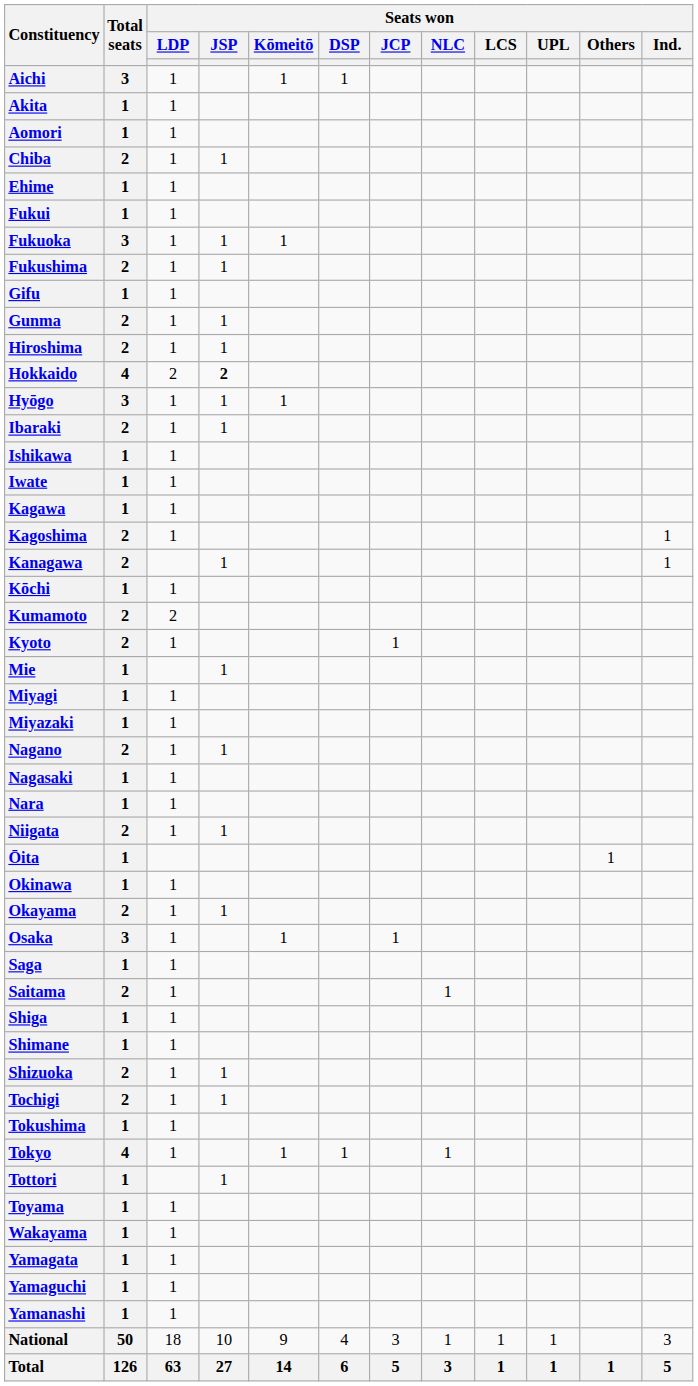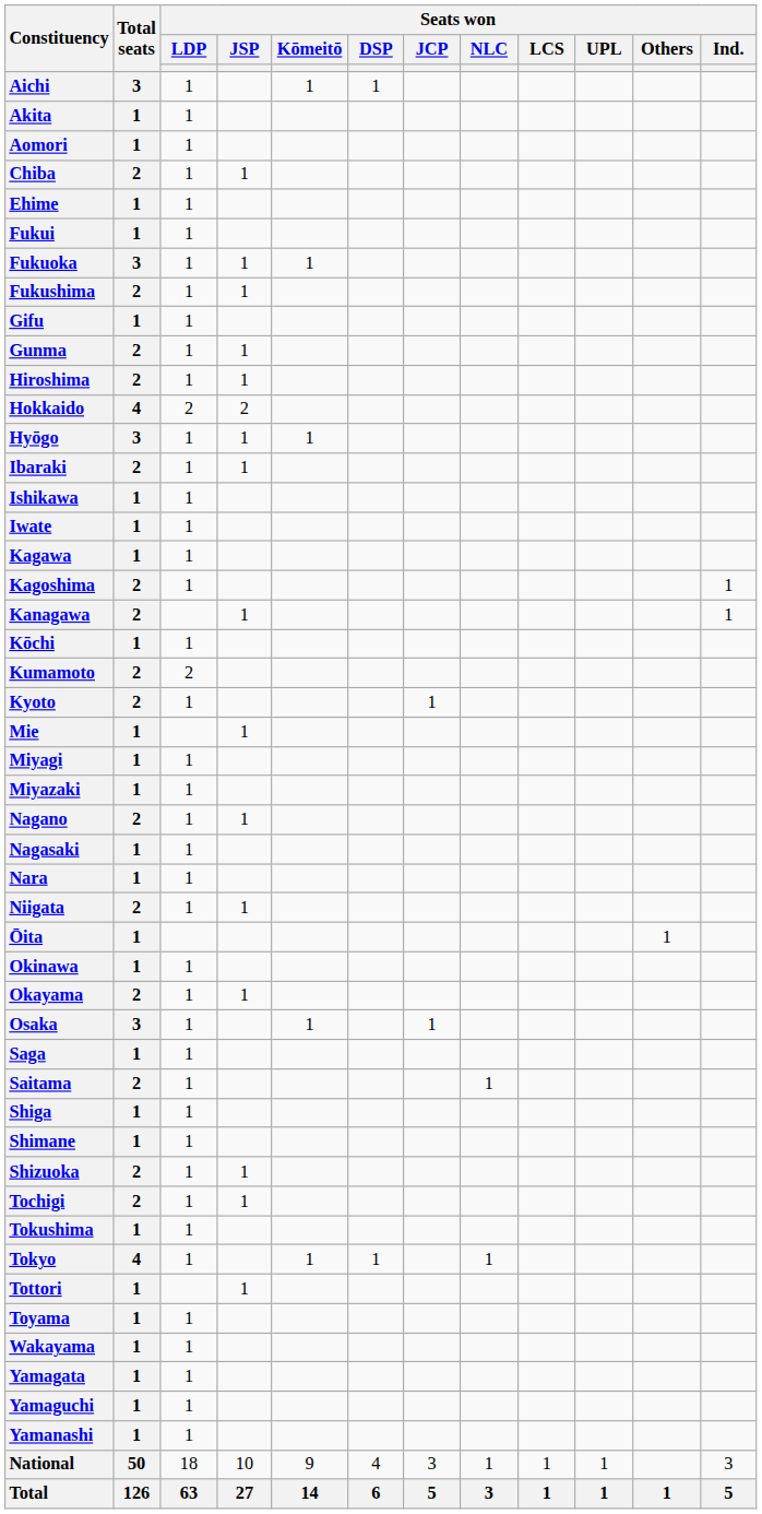 <table class="wikitable" style="text-align:center; font-size: 0.9em;">
 <tr>
 <th rowspan="3">Constituency</th>
 <th rowspan="3">Total<br>seats</th>
 <th colspan="10">Seats won</th>
 </tr>
 <tr>
 <th class="unsortable" style="width:60px;"><a href='#'>LDP</a></th>
 <th class="unsortable" style="width:60px;"><a href='#'>JSP</a></th>
 <th class="unsortable" style="width:60px;"><a href='#'>Kōmeitō</a></th>
 <th class="unsortable" style="width:60px;"><a href='#'>DSP</a></th>
 <th class="unsortable" style="width:60px;"><a href='#'>JCP</a></th>
 <th class="unsortable" style="width:60px;"><a href='#'>NLC</a></th>
 <th class="unsortable" style="width:60px;">LCS</th>
 <th class="unsortable" style="width:60px;">UPL</th>
 <th class="unsortable" style="width:60px;">Others</th>
 <th class="unsortable" style="width:60px;">Ind.</th>
 </tr>
 <tr>
 <th style="background:"></th>
 <th style="background:"></th>
 <th style="background:"></th>
 <th style="background:"></th>
 <th style="background:"></th>
 <th style="background:"></th>
 <th></th>
 <th></th>
 <th></th>
 <th style="background:"></th>
 </tr>
 <tr>
 <th style="text-align: left;"><a href='#'>Aichi</a></th>
 <th>3</th>
 <td>1</td>
 <td></td>
 <td>1</td>
 <td>1</td>
 <td></td>
 <td></td>
 <td></td>
 <td></td>
 <td></td>
 <td></td>
 </tr>
 <tr>
 <th style="text-align: left;"><a href='#'>Akita</a></th>
 <th>1</th>
 <td>1</td>
 <td></td>
 <td></td>
 <td></td>
 <td></td>
 <td></td>
 <td></td>
 <td></td>
 <td></td>
 <td></td>
 </tr>
 <tr>
 <th style="text-align: left;"><a href='#'>Aomori</a></th>
 <th>1</th>
 <td>1</td>
 <td></td>
 <td></td>
 <td></td>
 <td></td>
 <td></td>
 <td></td>
 <td></td>
 <td></td>
 <td></td>
 </tr>
 <tr>
 <th style="text-align: left;"><a href='#'>Chiba</a></th>
 <th>2</th>
 <td>1</td>
 <td>1</td>
 <td></td>
 <td></td>
 <td></td>
 <td></td>
 <td></td>
 <td></td>
 <td></td>
 <td></td>
 </tr>
 <tr>
 <th style="text-align: left;"><a href='#'>Ehime</a></th>
 <th>1</th>
 <td>1</td>
 <td></td>
 <td></td>
 <td></td>
 <td></td>
 <td></td>
 <td></td>
 <td></td>
 <td></td>
 <td></td>
 </tr>
 <tr>
 <th style="text-align: left;"><a href='#'>Fukui</a></th>
 <th>1</th>
 <td>1</td>
 <td></td>
 <td></td>
 <td></td>
 <td></td>
 <td></td>
 <td></td>
 <td></td>
 <td></td>
 <td></td>
 </tr>
 <tr>
 <th style="text-align: left;"><a href='#'>Fukuoka</a></th>
 <th>3</th>
 <td>1</td>
 <td>1</td>
 <td>1</td>
 <td></td>
 <td></td>
 <td></td>
 <td></td>
 <td></td>
 <td></td>
 <td></td>
 </tr>
 <tr>
 <th style="text-align: left;"><a href='#'>Fukushima</a></th>
 <th>2</th>
 <td>1</td>
 <td>1</td>
 <td></td>
 <td></td>
 <td></td>
 <td></td>
 <td></td>
 <td></td>
 <td></td>
 <td></td>
 </tr>
 <tr>
 <th style="text-align: left;"><a href='#'>Gifu</a></th>
 <th>1</th>
 <td>1</td>
 <td></td>
 <td></td>
 <td></td>
 <td></td>
 <td></td>
 <td></td>
 <td></td>
 <td></td>
 <td></td>
 </tr>
 <tr>
 <th style="text-align: left;"><a href='#'>Gunma</a></th>
 <th>2</th>
 <td>1</td>
 <td>1</td>
 <td></td>
 <td></td>
 <td></td>
 <td></td>
 <td></td>
 <td></td>
 <td></td>
 <td></td>
 </tr>
 <tr>
 <th style="text-align: left;"><a href='#'>Hiroshima</a></th>
 <th>2</th>
 <td>1</td>
 <td>1</td>
 <td></td>
 <td></td>
 <td></td>
 <td></td>
 <td></td>
 <td></td>
 <td></td>
 <td></td>
 </tr>
 <tr>
 <th style="text-align: left;"><a href='#'>Hokkaido</a></th>
 <th>4</th>
 <td>2</td>
-<td><strong>2</strong></td>
+<td>2</td>
 <td></td>
 <td></td>
 <td></td>
 <td></td>
 <td></td>
 <td></td>
 <td></td>
 <td></td>
 </tr>
 <tr>
 <th style="text-align: left;"><a href='#'>Hyōgo</a></th>
 <th>3</th>
 <td>1</td>
 <td>1</td>
 <td>1</td>
 <td></td>
 <td></td>
 <td></td>
 <td></td>
 <td></td>
 <td></td>
 <td></td>
 </tr>
 <tr>
 <th style="text-align: left;"><a href='#'>Ibaraki</a></th>
 <th>2</th>
 <td>1</td>
 <td>1</td>
 <td></td>
 <td></td>
 <td></td>
 <td></td>
 <td></td>
 <td></td>
 <td></td>
 <td></td>
 </tr>
 <tr>
 <th style="text-align: left;"><a href='#'>Ishikawa</a></th>
 <th>1</th>
 <td>1</td>
 <td></td>
 <td></td>
 <td></td>
 <td></td>
 <td></td>
 <td></td>
 <td></td>
 <td></td>
 <td></td>
 </tr>
 <tr>
 <th style="text-align: left;"><a href='#'>Iwate</a></th>
 <th>1</th>
 <td>1</td>
 <td></td>
 <td></td>
 <td></td>
 <td></td>
 <td></td>
 <td></td>
 <td></td>
 <td></td>
 <td></td>
 </tr>
 <tr>
 <th style="text-align: left;"><a href='#'>Kagawa</a></th>
 <th>1</th>
 <td>1</td>
 <td></td>
 <td></td>
 <td></td>
 <td></td>
 <td></td>
 <td></td>
 <td></td>
 <td></td>
 <td></td>
 </tr>
 <tr>
 <th style="text-align: left;"><a href='#'>Kagoshima</a></th>
 <th>2</th>
 <td>1</td>
 <td></td>
 <td></td>
 <td></td>
 <td></td>
 <td></td>
 <td></td>
 <td></td>
 <td></td>
 <td>1</td>
 </tr>
 <tr>
 <th style="text-align: left;"><a href='#'>Kanagawa</a></th>
 <th>2</th>
 <td></td>
 <td>1</td>
 <td></td>
 <td></td>
 <td></td>
 <td></td>
 <td></td>
 <td></td>
 <td></td>
 <td>1</td>
 </tr>
 <tr>
 <th style="text-align: left;"><a href='#'>Kōchi</a></th>
 <th>1</th>
 <td>1</td>
 <td></td>
 <td></td>
 <td></td>
 <td></td>
 <td></td>
 <td></td>
 <td></td>
 <td></td>
 <td></td>
 </tr>
 <tr>
 <th style="text-align: left;"><a href='#'>Kumamoto</a></th>
 <th>2</th>
 <td>2</td>
 <td></td>
 <td></td>
 <td></td>
 <td></td>
 <td></td>
 <td></td>
 <td></td>
 <td></td>
 <td></td>
 </tr>
 <tr>
 <th style="text-align: left;"><a href='#'>Kyoto</a></th>
 <th>2</th>
 <td>1</td>
 <td></td>
 <td></td>
 <td></td>
 <td>1</td>
 <td></td>
 <td></td>
 <td></td>
 <td></td>
 <td></td>
 </tr>
 <tr>
 <th style="text-align: left;"><a href='#'>Mie</a></th>
 <th>1</th>
 <td></td>
 <td>1</td>
 <td></td>
 <td></td>
 <td></td>
 <td></td>
 <td></td>
 <td></td>
 <td></td>
 <td></td>
 </tr>
 <tr>
 <th style="text-align: left;"><a href='#'>Miyagi</a></th>
 <th>1</th>
 <td>1</td>
 <td></td>
 <td></td>
 <td></td>
 <td></td>
 <td></td>
 <td></td>
 <td></td>
 <td></td>
 <td></td>
 </tr>
 <tr>
 <th style="text-align: left;"><a href='#'>Miyazaki</a></th>
 <th>1</th>
 <td>1</td>
 <td></td>
 <td></td>
 <td></td>
 <td></td>
 <td></td>
 <td></td>
 <td></td>
 <td></td>
 <td></td>
 </tr>
 <tr>
 <th style="text-align: left;"><a href='#'>Nagano</a></th>
 <th>2</th>
 <td>1</td>
 <td>1</td>
 <td></td>
 <td></td>
 <td></td>
 <td></td>
 <td></td>
 <td></td>
 <td></td>
 <td></td>
 </tr>
 <tr>
 <th style="text-align: left;"><a href='#'>Nagasaki</a></th>
 <th>1</th>
 <td>1</td>
 <td></td>
 <td></td>
 <td></td>
 <td></td>
 <td></td>
 <td></td>
 <td></td>
 <td></td>
 <td></td>
 </tr>
 <tr>
 <th style="text-align: left;"><a href='#'>Nara</a></th>
 <th>1</th>
 <td>1</td>
 <td></td>
 <td></td>
 <td></td>
 <td></td>
 <td></td>
 <td></td>
 <td></td>
 <td></td>
 <td></td>
 </tr>
 <tr>
 <th style="text-align: left;"><a href='#'>Niigata</a></th>
 <th>2</th>
 <td>1</td>
 <td>1</td>
 <td></td>
 <td></td>
 <td></td>
 <td></td>
 <td></td>
 <td></td>
 <td></td>
 <td></td>
 </tr>
 <tr>
 <th style="text-align: left;"><a href='#'>Ōita</a></th>
 <th>1</th>
 <td></td>
 <td></td>
 <td></td>
 <td></td>
 <td></td>
 <td></td>
 <td></td>
 <td></td>
 <td>1</td>
 <td></td>
 </tr>
 <tr>
 <th style="text-align: left;"><a href='#'>Okinawa</a></th>
 <th>1</th>
 <td>1</td>
 <td></td>
 <td></td>
 <td></td>
 <td></td>
 <td></td>
 <td></td>
 <td></td>
 <td></td>
 <td></td>
 </tr>
 <tr>
 <th style="text-align: left;"><a href='#'>Okayama</a></th>
 <th>2</th>
 <td>1</td>
 <td>1</td>
 <td></td>
 <td></td>
 <td></td>
 <td></td>
 <td></td>
 <td></td>
 <td></td>
 <td></td>
 </tr>
 <tr>
 <th style="text-align: left;"><a href='#'>Osaka</a></th>
 <th>3</th>
 <td>1</td>
 <td></td>
 <td>1</td>
 <td></td>
 <td>1</td>
 <td></td>
 <td></td>
 <td></td>
 <td></td>
 <td></td>
 </tr>
 <tr>
 <th style="text-align: left;"><a href='#'>Saga</a></th>
 <th>1</th>
 <td>1</td>
 <td></td>
 <td></td>
 <td></td>
 <td></td>
 <td></td>
 <td></td>
 <td></td>
 <td></td>
 <td></td>
 </tr>
 <tr>
 <th style="text-align: left;"><a href='#'>Saitama</a></th>
 <th>2</th>
 <td>1</td>
 <td></td>
 <td></td>
 <td></td>
 <td></td>
 <td>1</td>
 <td></td>
 <td></td>
 <td></td>
 <td></td>
 </tr>
 <tr>
 <th style="text-align: left;"><a href='#'>Shiga</a></th>
 <th>1</th>
 <td>1</td>
 <td></td>
 <td></td>
 <td></td>
 <td></td>
 <td></td>
 <td></td>
 <td></td>
 <td></td>
 <td></td>
 </tr>
 <tr>
 <th style="text-align: left;"><a href='#'>Shimane</a></th>
 <th>1</th>
 <td>1</td>
 <td></td>
 <td></td>
 <td></td>
 <td></td>
 <td></td>
 <td></td>
 <td></td>
 <td></td>
 <td></td>
 </tr>
 <tr>
 <th style="text-align: left;"><a href='#'>Shizuoka</a></th>
 <th>2</th>
 <td>1</td>
 <td>1</td>
 <td></td>
 <td></td>
 <td></td>
 <td></td>
 <td></td>
 <td></td>
 <td></td>
 <td></td>
 </tr>
 <tr>
 <th style="text-align: left;"><a href='#'>Tochigi</a></th>
 <th>2</th>
 <td>1</td>
 <td>1</td>
 <td></td>
 <td></td>
 <td></td>
 <td></td>
 <td></td>
 <td></td>
 <td></td>
 <td></td>
 </tr>
 <tr>
 <th style="text-align: left;"><a href='#'>Tokushima</a></th>
 <th>1</th>
 <td>1</td>
 <td></td>
 <td></td>
 <td></td>
 <td></td>
 <td></td>
 <td></td>
 <td></td>
 <td></td>
 <td></td>
 </tr>
 <tr>
 <th style="text-align: left;"><a href='#'>Tokyo</a></th>
 <th>4</th>
 <td>1</td>
 <td></td>
 <td>1</td>
 <td>1</td>
 <td></td>
 <td>1</td>
 <td></td>
 <td></td>
 <td></td>
 <td></td>
 </tr>
 <tr>
 <th style="text-align: left;"><a href='#'>Tottori</a></th>
 <th>1</th>
 <td></td>
 <td>1</td>
 <td></td>
 <td></td>
 <td></td>
 <td></td>
 <td></td>
 <td></td>
 <td></td>
 <td></td>
 </tr>
 <tr>
 <th style="text-align: left;"><a href='#'>Toyama</a></th>
 <th>1</th>
 <td>1</td>
 <td></td>
 <td></td>
 <td></td>
 <td></td>
 <td></td>
 <td></td>
 <td></td>
 <td></td>
 <td></td>
 </tr>
 <tr>
 <th style="text-align: left;"><a href='#'>Wakayama</a></th>
 <th>1</th>
 <td>1</td>
 <td></td>
 <td></td>
 <td></td>
 <td></td>
 <td></td>
 <td></td>
 <td></td>
 <td></td>
 <td></td>
 </tr>
 <tr>
 <th style="text-align: left;"><a href='#'>Yamagata</a></th>
 <th>1</th>
 <td>1</td>
 <td></td>
 <td></td>
 <td></td>
 <td></td>
 <td></td>
 <td></td>
 <td></td>
 <td></td>
 <td></td>
 </tr>
 <tr>
 <th style="text-align: left;"><a href='#'>Yamaguchi</a></th>
 <th>1</th>
 <td>1</td>
 <td></td>
 <td></td>
 <td></td>
 <td></td>
 <td></td>
 <td></td>
 <td></td>
 <td></td>
 <td></td>
 </tr>
 <tr>
 <th style="text-align: left;"><a href='#'>Yamanashi</a></th>
 <th>1</th>
 <td>1</td>
 <td></td>
 <td></td>
 <td></td>
 <td></td>
 <td></td>
 <td></td>
 <td></td>
 <td></td>
 <td></td>
 </tr>
 <tr>
 <th style="text-align: left;">National</th>
 <th>50</th>
 <td>18</td>
 <td>10</td>
 <td>9</td>
 <td>4</td>
 <td>3</td>
 <td>1</td>
 <td>1</td>
 <td>1</td>
 <td></td>
 <td>3</td>
 </tr>
 <tr class="sortbottom">
 <th style="text-align: left;">Total</th>
 <th>126</th>
 <th>63</th>
 <th>27</th>
 <th>14</th>
 <th>6</th>
 <th>5</th>
 <th>3</th>
 <th>1</th>
 <th>1</th>
 <th>1</th>
 <th>5</th>
 </tr>
 </table>
